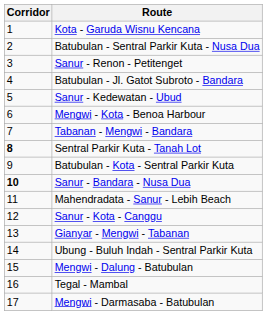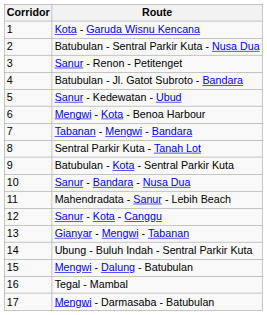 <table class="wikitable sortable">
 <tr>
 <th>Corridor</th>
 <th>Route</th>
 </tr>
 <tr>
 <td>1</td>
 <td><a href='#'>Kota</a> - <a href='#'>Garuda Wisnu Kencana</a></td>
 </tr>
 <tr>
 <td>2</td>
 <td>Batubulan - Sentral Parkir Kuta - <a href='#'>Nusa Dua</a></td>
 </tr>
 <tr>
 <td>3</td>
 <td><a href='#'>Sanur</a> - Renon - Petitenget</td>
 </tr>
 <tr>
 <td>4</td>
 <td>Batubulan - Jl. Gatot Subroto - <a href='#'>Bandara</a></td>
 </tr>
 <tr>
 <td>5</td>
 <td><a href='#'>Sanur</a> - Kedewatan - <a href='#'>Ubud</a></td>
 </tr>
 <tr>
 <td>6</td>
 <td><a href='#'>Mengwi</a> - <a href='#'>Kota</a> - Benoa Harbour</td>
 </tr>
 <tr>
 <td>7</td>
 <td><a href='#'>Tabanan</a>  - <a href='#'>Mengwi</a> - <a href='#'>Bandara</a></td>
 </tr>
 <tr>
-<td><strong>8</strong></td>
+<td>8</td>
 <td>Sentral Parkir Kuta - <a href='#'>Tanah Lot</a></td>
 </tr>
 <tr>
 <td>9</td>
 <td>Batubulan - <a href='#'>Kota</a> - Sentral Parkir Kuta</td>
 </tr>
 <tr>
-<td><strong>10</strong></td>
+<td>10</td>
 <td><a href='#'>Sanur</a> - <a href='#'>Bandara</a> - <a href='#'>Nusa Dua</a></td>
 </tr>
 <tr>
 <td>11</td>
 <td>Mahendradata - <a href='#'>Sanur</a> - Lebih Beach</td>
 </tr>
 <tr>
 <td>12</td>
 <td><a href='#'>Sanur</a> - <a href='#'>Kota</a> - <a href='#'>Canggu</a></td>
 </tr>
 <tr>
 <td>13</td>
 <td><a href='#'>Gianyar</a> - <a href='#'>Mengwi</a> - <a href='#'>Tabanan</a></td>
 </tr>
 <tr>
 <td>14</td>
 <td>Ubung - Buluh Indah - Sentral Parkir Kuta</td>
 </tr>
 <tr>
 <td>15</td>
 <td><a href='#'>Mengwi</a> - <a href='#'>Dalung</a> - Batubulan</td>
 </tr>
 <tr>
 <td>16</td>
 <td>Tegal - Mambal</td>
 </tr>
 <tr>
 <td>17</td>
 <td><a href='#'>Mengwi</a> - Darmasaba - Batubulan</td>
 </tr>
 </table>
